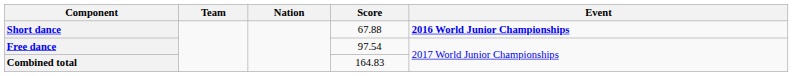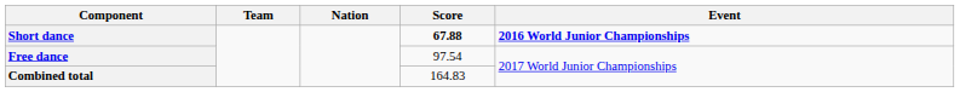 <table class="wikitable unsortable" style="text-align:left; width:75%">
 <tr>
 <th scope="col">Component</th>
 <th scope="col">Team</th>
 <th scope="col">Nation</th>
 <th scope="col">Score</th>
 <th scope="col">Event</th>
 </tr>
 <tr>
 <th scope="row" style="text-align:left"><a href='#'>Short dance</a></th>
 <td rowspan="3"></td>
 <td rowspan="3"></td>
-<td style="text-align:center">67.88</td>
+<td style="text-align:center"><strong>67.88</strong></td>
 <td><strong><a href='#'>2016 World Junior Championships</a></strong></td>
 </tr>
 <tr>
 <th scope="row" style="text-align:left"><a href='#'>Free dance</a></th>
 <td style="text-align:center">97.54</td>
 <td rowspan="2"><a href='#'>2017 World Junior Championships</a></td>
 </tr>
 <tr>
 <th scope="row" style="text-align:left">Combined total</th>
 <td style="text-align:center">164.83</td>
 </tr>
 </table>
